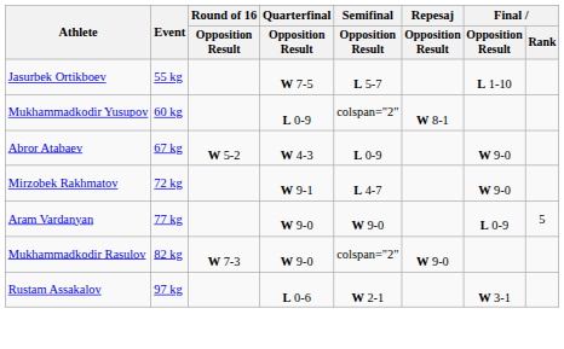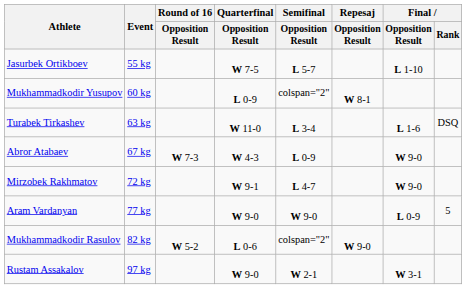 <table class=wikitable style=font-size:90%;text-align:center>
 <tr>
 <th rowspan=2>Athlete</th>
 <th rowspan=2>Event</th>
 <th>Round of 16</th>
 <th>Quarterfinal</th>
 <th>Semifinal</th>
 <th>Repesaj</th>
 <th colspan=2>Final / </th>
 </tr>
 <tr style=font-size:95%>
 <th>Opposition<br>Result</th>
 <th>Opposition<br>Result</th>
 <th>Opposition<br>Result</th>
 <th>Opposition<br>Result</th>
 <th>Opposition<br>Result</th>
 <th>Rank</th>
 </tr>
 <tr>
 <td align=left><a href='#'>Jasurbek Ortikboev</a></td>
 <td align=left><a href='#'>55 kg</a></td>
 <td></td>
 <td><br><strong>W</strong> 7-5</td>
 <td><br><strong>L</strong> 5-7</td>
 <td></td>
 <td><br><strong>L</strong> 1-10</td>
 <td></td>
 </tr>
 <tr>
 <td align=left><a href='#'>Mukhammadkodir Yusupov</a></td>
 <td align=left><a href='#'>60 kg</a></td>
 <td></td>
 <td><br><strong>L</strong> 0-9</td>
 <td>colspan="2" </td>
 <td><br><strong>W</strong> 8-1</td>
 <td></td>
 </tr>
 <tr>
+<td align=left><a href='#'>Turabek Tirkashev</a></td>
+<td align=left><a href='#'>63 kg</a></td>
+<td></td>
+<td><br><strong>W</strong> 11-0</td>
+<td><br><strong>L</strong> 3-4</td>
+<td></td>
+<td><br><strong>L</strong> 1-6</td>
+<td>DSQ</td>
+</tr>
+<tr>
 <td align=left><a href='#'>Abror Atabaev</a></td>
 <td align=left><a href='#'>67 kg</a></td>
-<td><br><strong>W</strong> 5-2</td>
+<td><br><strong>W</strong> 7-3</td>
 <td><br><strong>W</strong> 4-3</td>
 <td><br><strong>L</strong> 0-9</td>
 <td></td>
 <td><br><strong>W</strong> 9-0</td>
 <td></td>
 </tr>
 <tr>
 <td align=left><a href='#'>Mirzobek Rakhmatov</a></td>
 <td align=left><a href='#'>72 kg</a></td>
 <td></td>
 <td><br><strong>W</strong> 9-1</td>
 <td><br><strong>L</strong> 4-7</td>
 <td></td>
 <td><br><strong>W</strong> 9-0</td>
 <td></td>
 </tr>
 <tr>
 <td align=left><a href='#'>Aram Vardanyan</a></td>
 <td align=left><a href='#'>77 kg</a></td>
 <td></td>
 <td><br><strong>W</strong> 9-0</td>
 <td><br><strong>W</strong> 9-0</td>
 <td></td>
 <td><br><strong>L</strong> 0-9</td>
 <td>5</td>
 </tr>
 <tr>
 <td align=left><a href='#'>Mukhammadkodir Rasulov</a></td>
 <td align=left><a href='#'>82 kg</a></td>
-<td><br><strong>W</strong> 7-3</td>
-<td><br><strong>W</strong> 9-0</td>
+<td><br><strong>W</strong> 5-2</td>
+<td><br><strong>L</strong> 0-6</td>
 <td>colspan="2" </td>
 <td><br><strong>W</strong> 9-0</td>
 <td></td>
 </tr>
 <tr>
 <td align=left><a href='#'>Rustam Assakalov</a></td>
 <td align=left><a href='#'>97 kg</a></td>
 <td></td>
-<td><br><strong>L</strong> 0-6</td>
+<td><br><strong>W</strong> 9-0</td>
 <td><br><strong>W</strong> 2-1</td>
 <td></td>
 <td><br><strong>W</strong> 3-1</td>
 <td></td>
 </tr>
 </table>
